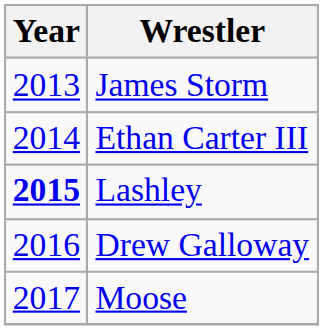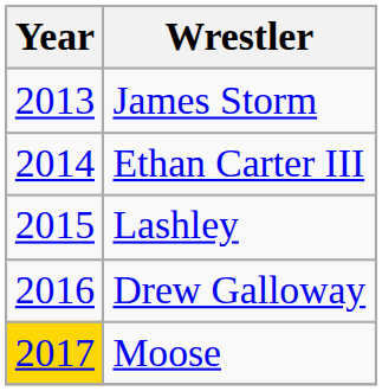 <table class="wikitable sortable">
 <tr>
 <th>Year</th>
 <th>Wrestler</th>
 </tr>
 <tr>
 <td><a href='#'>2013</a></td>
 <td><a href='#'>James Storm</a></td>
 </tr>
 <tr>
 <td><a href='#'>2014</a></td>
 <td><a href='#'>Ethan Carter III</a></td>
 </tr>
 <tr>
-<td><strong><a href='#'>2015</a></strong></td>
+<td><a href='#'>2015</a></td>
 <td><a href='#'>Lashley</a></td>
 </tr>
 <tr>
 <td><a href='#'>2016</a></td>
 <td><a href='#'>Drew Galloway</a></td>
 </tr>
 <tr>
-<td><a href='#'>2017</a></td>
+<td style="background: gold;"><a href='#'>2017</a></td>
 <td><a href='#'>Moose</a></td>
 </tr>
 <tr>
 </tr>
 </table>
